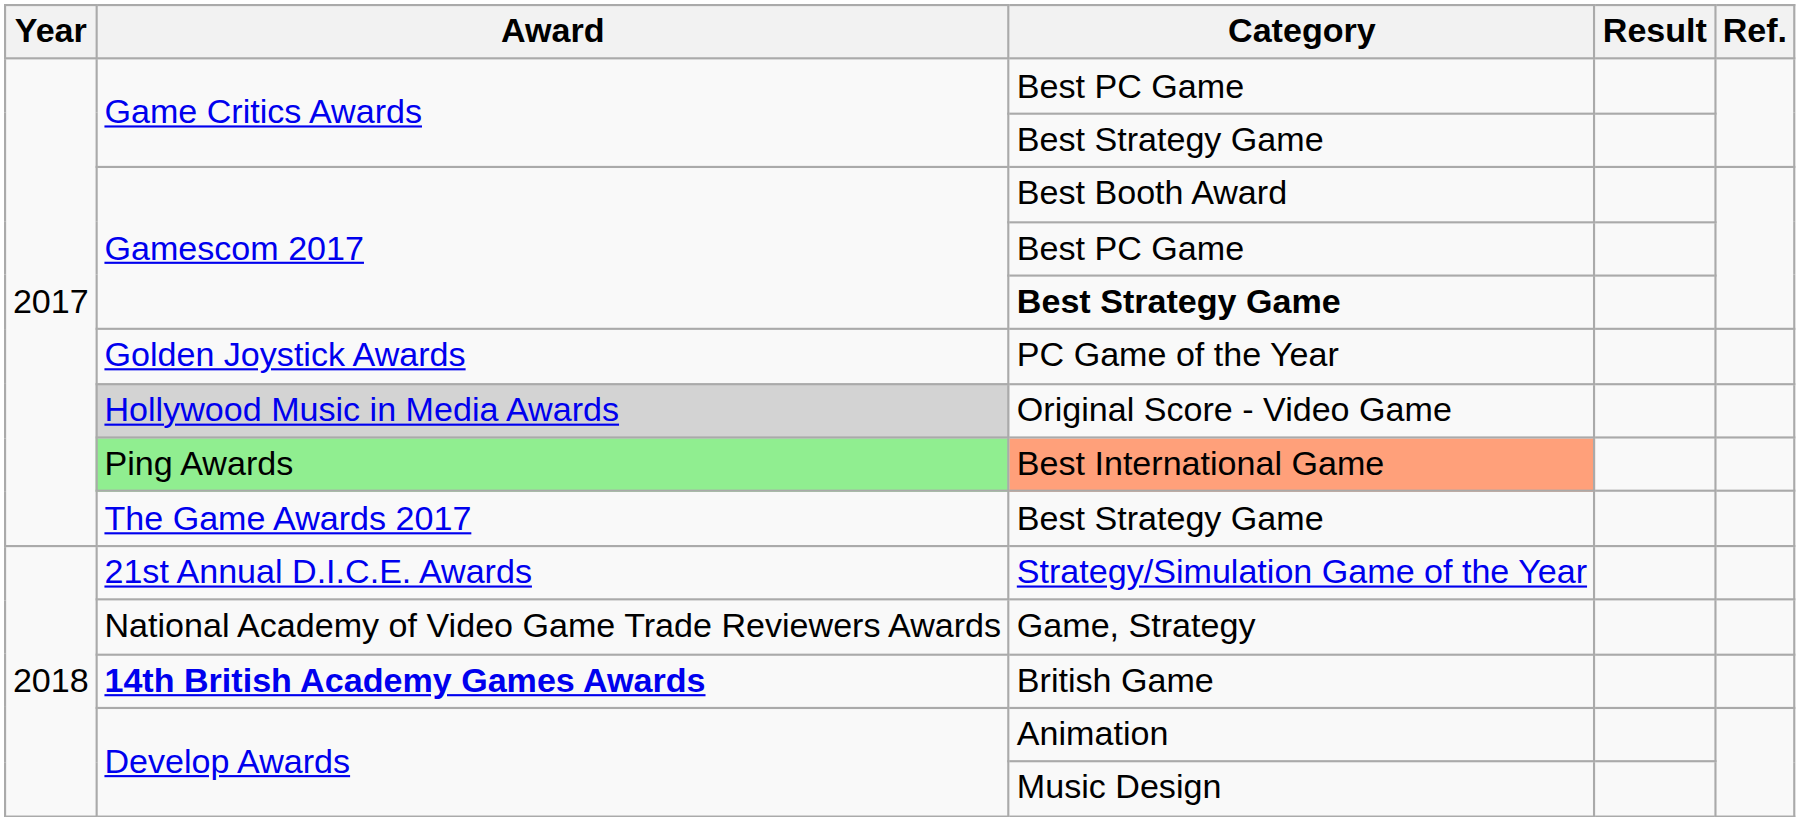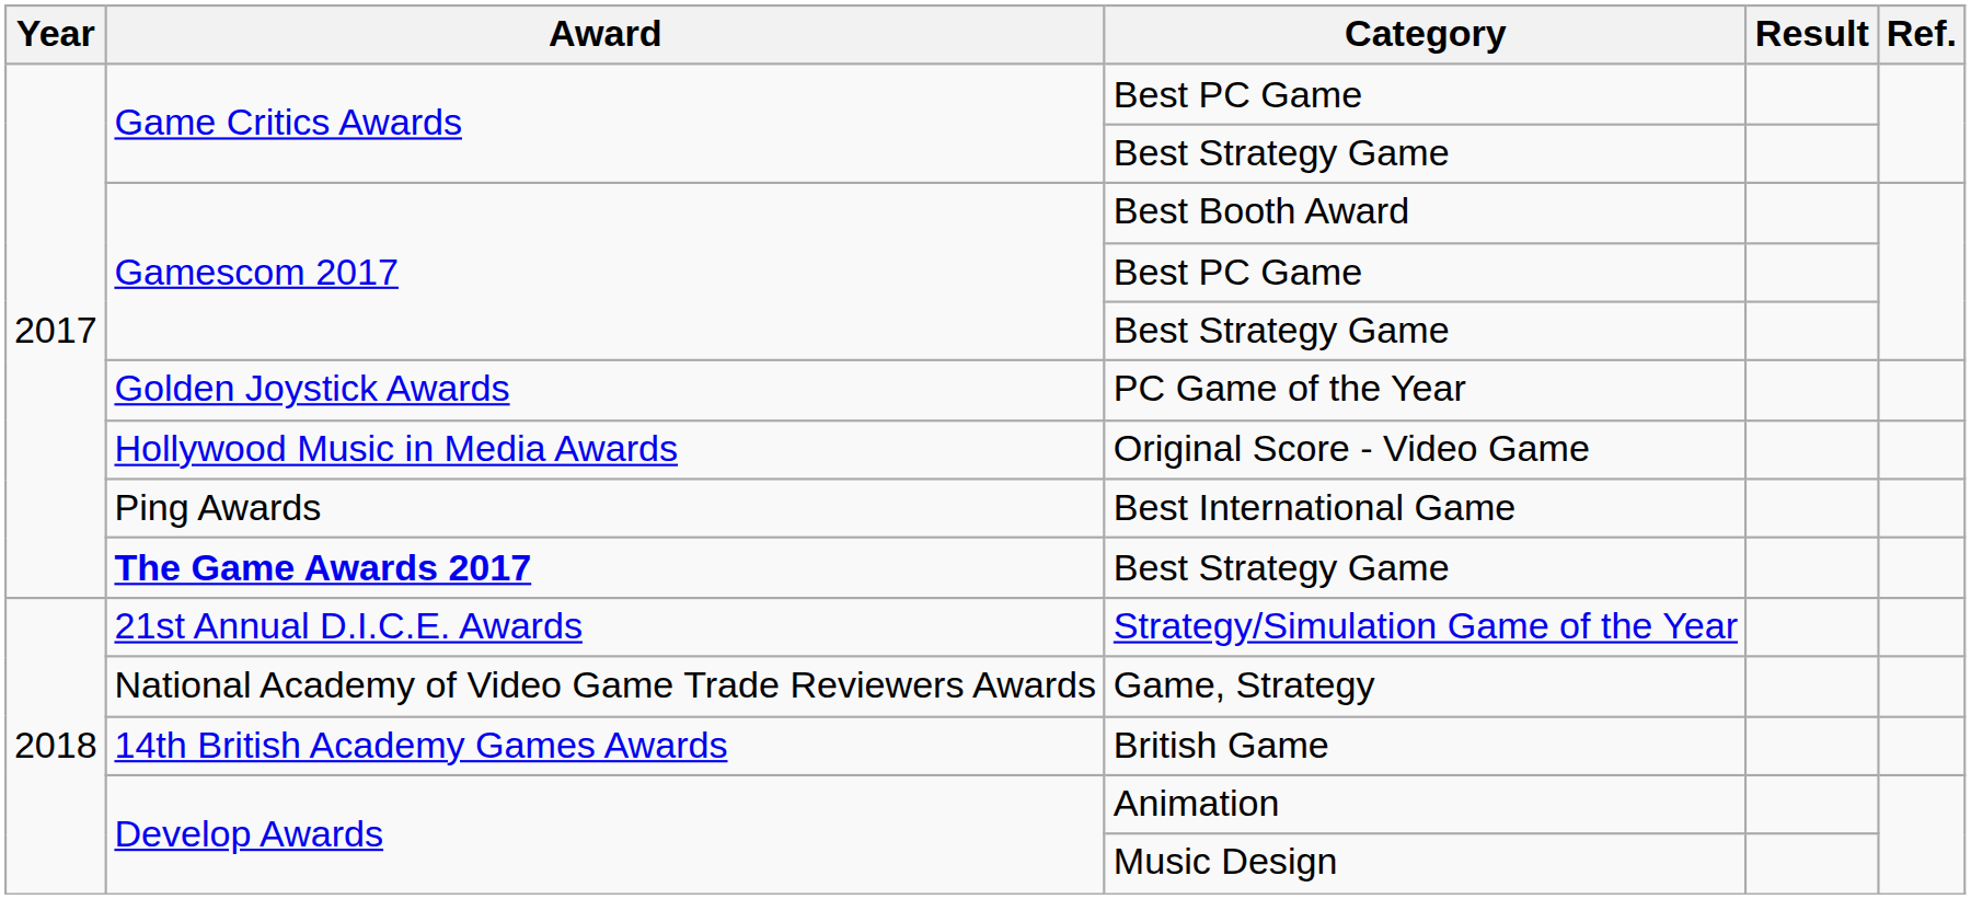 <table class="wikitable sortable">
 <tr>
 <th>Year</th>
 <th>Award</th>
 <th>Category</th>
 <th>Result</th>
 <th>Ref.</th>
 </tr>
 <tr>
 <td style="text-align:center;" rowspan="9">2017</td>
 <td rowspan="2"><a href='#'>Game Critics Awards</a></td>
 <td>Best PC Game</td>
 <td></td>
 <td rowspan="2" style="text-align:center;"></td>
 </tr>
 <tr>
 <td>Best Strategy Game</td>
 <td></td>
 </tr>
 <tr>
 <td rowspan="3"><a href='#'>Gamescom 2017</a></td>
 <td>Best Booth Award</td>
 <td></td>
 <td rowspan="3" style="text-align:center;"></td>
 </tr>
 <tr>
 <td>Best PC Game</td>
 <td></td>
 </tr>
 <tr>
-<td><strong>Best Strategy Game</strong></td>
+<td>Best Strategy Game</td>
 <td></td>
 </tr>
 <tr>
 <td rowspan="1"><a href='#'>Golden Joystick Awards</a></td>
 <td>PC Game of the Year</td>
 <td></td>
 <td rowspan="1" style="text-align:center;"></td>
 </tr>
 <tr>
-<td rowspan="1" style="background: lightgrey;"><a href='#'>Hollywood Music in Media Awards</a></td>
+<td rowspan="1"><a href='#'>Hollywood Music in Media Awards</a></td>
 <td>Original Score - Video Game</td>
 <td></td>
 <td rowspan="1" style="text-align:center;"></td>
 </tr>
 <tr>
-<td rowspan="1" style="background: lightgreen;">Ping Awards</td>
-<td style="background: lightsalmon;">Best International Game</td>
+<td rowspan="1">Ping Awards</td>
+<td>Best International Game</td>
 <td></td>
 <td rowspan="1" style="text-align:center;"></td>
 </tr>
 <tr>
-<td rowspan="1"><a href='#'>The Game Awards 2017</a></td>
+<td rowspan="1"><strong><a href='#'>The Game Awards 2017</a></strong></td>
 <td>Best Strategy Game</td>
 <td></td>
 <td rowspan="1" style="text-align:center;"></td>
 </tr>
 <tr>
 <td style="text-align:center;" rowspan="5">2018</td>
 <td rowspan="1"><a href='#'>21st Annual D.I.C.E. Awards</a></td>
 <td><a href='#'>Strategy/Simulation Game of the Year</a></td>
 <td></td>
 <td rowspan="1" style="text-align:center;"></td>
 </tr>
 <tr>
 <td rowspan="1">National Academy of Video Game Trade Reviewers Awards</td>
 <td>Game, Strategy</td>
 <td></td>
 <td rowspan="1" style="text-align:center;"></td>
 </tr>
 <tr>
-<td rowspan="1"><strong><a href='#'>14th British Academy Games Awards</a></strong></td>
+<td rowspan="1"><a href='#'>14th British Academy Games Awards</a></td>
 <td>British Game</td>
 <td></td>
 <td rowspan="1" style="text-align:center;"></td>
 </tr>
 <tr>
 <td rowspan="2"><a href='#'>Develop Awards</a></td>
 <td>Animation</td>
 <td></td>
 <td rowspan="2" style="text-align:center;"></td>
 </tr>
 <tr>
 <td>Music Design</td>
 <td></td>
 </tr>
 </table>
